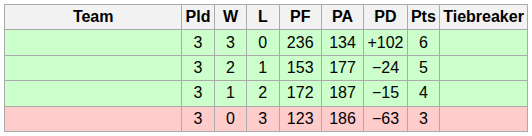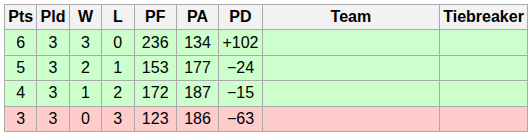 <table class="wikitable" style="text-align:center;">
 <tr>
-<th width=170>Team</th>
+<th width=25>Pts</th>
 <th width=25>Pld</th>
 <th width=25>W</th>
 <th width=25>L</th>
 <th width=35>PF</th>
 <th width=35>PA</th>
 <th width=35>PD</th>
-<th width=25>Pts</th>
+<th width=170>Team</th>
 <th width=50>Tiebreaker</th>
 </tr>
 <tr bgcolor=ccffcc>
-<td align="left"></td>
+<td>6</td>
 <td>3</td>
 <td>3</td>
 <td>0</td>
 <td>236</td>
 <td>134</td>
 <td>+102</td>
-<td>6</td>
+<td align="left"></td>
 <td></td>
 </tr>
 <tr bgcolor=ccffcc>
-<td align="left"></td>
+<td>5</td>
 <td>3</td>
 <td>2</td>
 <td>1</td>
 <td>153</td>
 <td>177</td>
 <td>−24</td>
-<td>5</td>
+<td align="left"></td>
 <td></td>
 </tr>
 <tr bgcolor=ccffcc>
-<td align="left"></td>
+<td>4</td>
 <td>3</td>
 <td>1</td>
 <td>2</td>
 <td>172</td>
 <td>187</td>
 <td>−15</td>
-<td>4</td>
+<td align="left"></td>
 <td></td>
 </tr>
 <tr bgcolor=ffcccc>
-<td align="left"></td>
+<td>3</td>
 <td>3</td>
 <td>0</td>
 <td>3</td>
 <td>123</td>
 <td>186</td>
 <td>−63</td>
-<td>3</td>
+<td align="left"></td>
 <td></td>
 </tr>
 </table>
